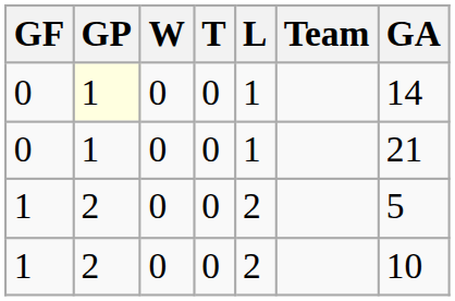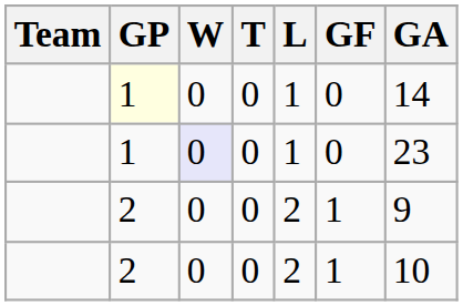 <table class="wikitable">
 <tr>
-<th>GF</th>
+<th>Team</th>
 <th>GP</th>
 <th>W</th>
 <th>T</th>
 <th>L</th>
-<th>Team</th>
+<th>GF</th>
 <th>GA</th>
 </tr>
 <tr>
-<td>0</td>
+<td></td>
 <td style="background: lightyellow;">1</td>
 <td>0</td>
 <td>0</td>
 <td>1</td>
-<td></td>
+<td>0</td>
 <td>14</td>
 </tr>
 <tr>
+<td></td>
+<td>1</td>
+<td style="background: lavender;">0</td>
 <td>0</td>
 <td>1</td>
 <td>0</td>
-<td>0</td>
-<td>1</td>
-<td></td>
-<td>21</td>
+<td>23</td>
 </tr>
 <tr>
-<td>1</td>
+<td></td>
 <td>2</td>
 <td>0</td>
 <td>0</td>
 <td>2</td>
-<td></td>
-<td>5</td>
+<td>1</td>
+<td>9</td>
 </tr>
 <tr>
-<td>1</td>
+<td></td>
 <td>2</td>
 <td>0</td>
 <td>0</td>
 <td>2</td>
-<td></td>
+<td>1</td>
 <td>10</td>
 </tr>
 </table>
